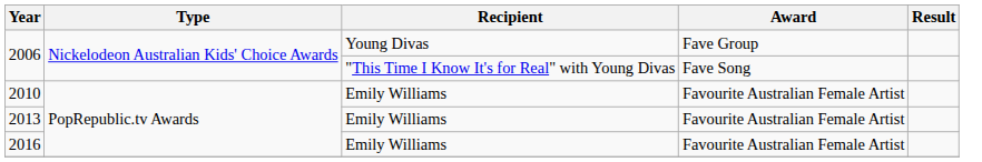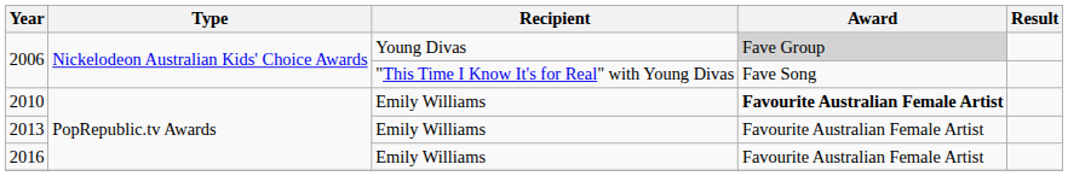 <table class="wikitable">
 <tr>
 <th>Year</th>
 <th>Type</th>
 <th>Recipient</th>
 <th>Award</th>
 <th>Result</th>
 </tr>
 <tr>
 <td rowspan="2">2006</td>
 <td rowspan="2"><a href='#'>Nickelodeon Australian Kids' Choice Awards</a></td>
 <td>Young Divas</td>
-<td>Fave Group</td>
+<td style="background: lightgrey;">Fave Group</td>
 <td></td>
 </tr>
 <tr>
 <td>"<a href='#'>This Time I Know It's for Real</a>" with Young Divas</td>
 <td>Fave Song</td>
 <td></td>
 </tr>
 <tr>
 <td>2010</td>
 <td rowspan="3">PopRepublic.tv Awards</td>
 <td>Emily Williams</td>
-<td>Favourite Australian Female Artist</td>
+<td><strong>Favourite Australian Female Artist</strong></td>
 <td></td>
 </tr>
 <tr>
 <td>2013</td>
 <td>Emily Williams</td>
 <td>Favourite Australian Female Artist</td>
 <td></td>
 </tr>
 <tr>
 <td>2016</td>
 <td>Emily Williams</td>
 <td>Favourite Australian Female Artist</td>
 <td></td>
 </tr>
 <tr>
 </tr>
 </table>
